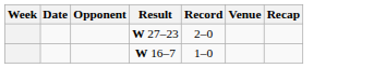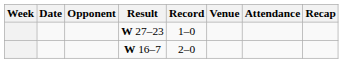 <table class="wikitable" style="text-align:center">
 <tr>
 <th>Week</th>
 <th>Date</th>
 <th>Opponent</th>
 <th>Result</th>
 <th>Record</th>
 <th>Venue</th>
+<th>Attendance</th>
 <th>Recap</th>
 </tr>
 <tr -style="background: #cfc;">
 <th></th>
 <td></td>
 <td></td>
 <td><strong>W</strong> 27–23</td>
-<td>2–0</td>
+<td>1–0</td>
+<td></td>
 <td></td>
 <td></td>
 </tr>
 <tr -style="background: #cfc;">
 <th></th>
 <td></td>
 <td></td>
 <td><strong>W</strong> 16–7</td>
-<td>1–0</td>
+<td>2–0</td>
+<td></td>
 <td></td>
 <td></td>
 </tr>
 </table>
